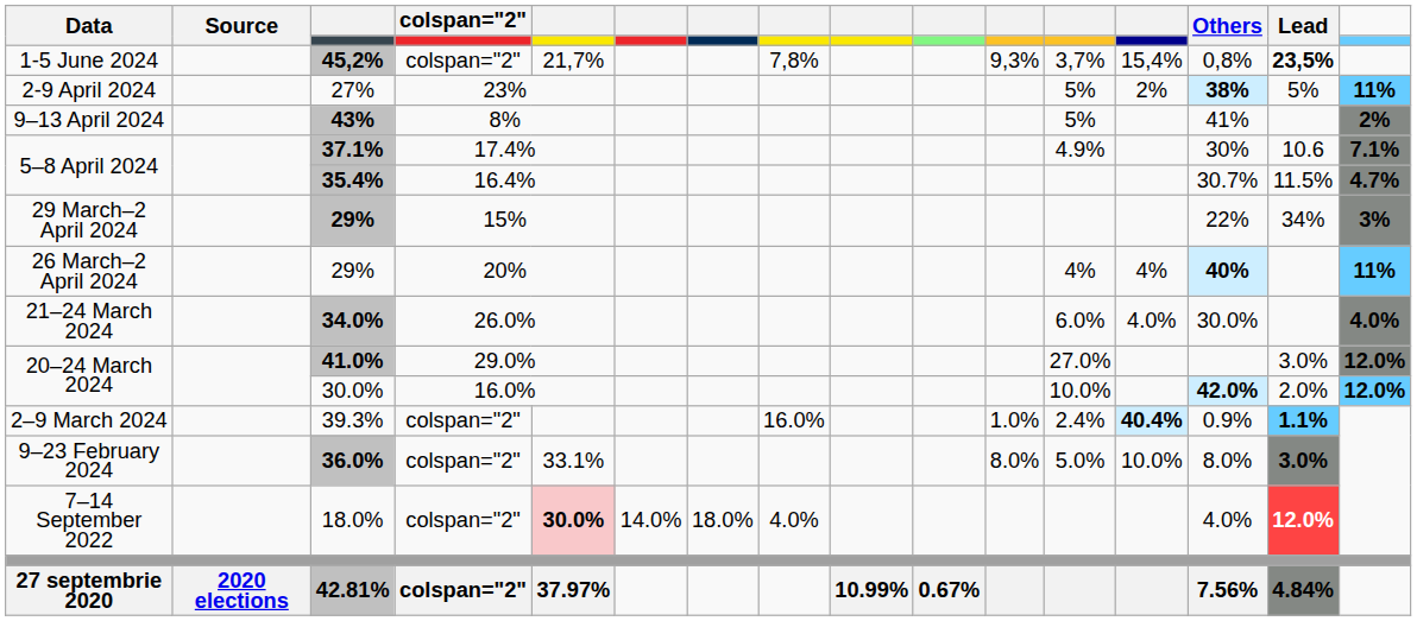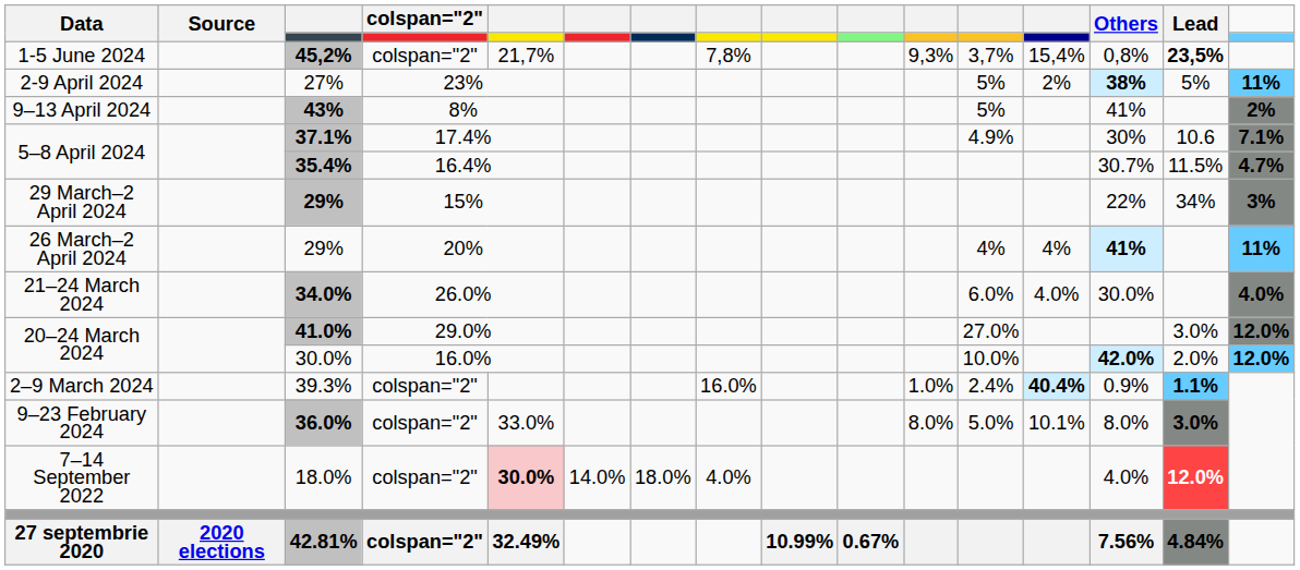 <table class="wikitable" style="text-align:center;font-size:95%;line-height:14px;">
 <tr>
 <th rowspan="2" style="width:110px;">Data</th>
 <th rowspan="2" style="width:90px;">Source</th>
 <th></th>
 <th>colspan="2" </th>
 <th></th>
 <th></th>
 <th></th>
 <th></th>
 <th></th>
 <th></th>
 <th></th>
 <th></th>
 <th></th>
 <th rowspan="2" style="width:35px;"><a href='#'>Others</a></th>
 <th rowspan="2" style="width:25px;">Lead</th>
 </tr>
 <tr>
 <th style="color:inherit;background:#36454F;"></th>
 <th style="color:inherit;background:#ED262B;"></th>
 <th style="color:inherit;background:#FAE800;"></th>
 <th style="color:inherit;background:#ED262B;"></th>
 <th style="color:inherit;background:#002b57;"></th>
 <th style="color:inherit;background:#FAE800;"></th>
 <th style="color:inherit;background:#FAE800;"></th>
 <th style="color:inherit;background:#81F781;"></th>
 <th style="color:inherit;background:#fcc224;"></th>
 <th style="color:inherit;background:#fcc224;"></th>
 <th style="color:inherit;background:darkblue;"></th>
 <th style="color:inherit;background:#66CCFF;"></th>
 </tr>
 <tr>
 <td>1-5 June 2024</td>
 <td></td>
 <td style="background:#C0C0C0;"><strong>45,2%</strong></td>
 <td>colspan="2" </td>
 <td>21,7%</td>
 <td></td>
 <td></td>
 <td>7,8%</td>
 <td></td>
 <td></td>
 <td>9,3%</td>
 <td>3,7%</td>
 <td>15,4%</td>
 <td>0,8%</td>
 <td><strong>23,5%</strong></td>
 </tr>
 <tr>
 <td>2-9 April 2024</td>
 <td></td>
 <td>27%</td>
 <td colspan="2">23%</td>
 <td></td>
 <td></td>
 <td></td>
 <td></td>
 <td></td>
 <td></td>
 <td>5%</td>
 <td>2%</td>
 <td style="background:#cdeeff;"><strong>38%</strong></td>
 <td>5%</td>
 <td style="background:#66CCFF"><strong>11%</strong></td>
 </tr>
 <tr>
 <td>9–13 April 2024</td>
 <td></td>
 <td style="background:#C0C0C0;"><strong>43%</strong></td>
 <td colspan="2">8%</td>
 <td></td>
 <td></td>
 <td></td>
 <td></td>
 <td></td>
 <td></td>
 <td>5%</td>
 <td></td>
 <td>41%</td>
 <td></td>
 <td style="background:#848884"><strong>2%</strong></td>
 </tr>
 <tr>
 <td rowspan=2>5–8 April 2024</td>
 <td rowspan=2></td>
 <td style="background:#C0C0C0;"><strong>37.1%</strong></td>
 <td colspan="2">17.4%</td>
 <td></td>
 <td></td>
 <td></td>
 <td></td>
 <td></td>
 <td></td>
 <td>4.9%</td>
 <td></td>
 <td>30%</td>
 <td>10.6</td>
 <td style="background:#848884"><strong>7.1%</strong></td>
 </tr>
 <tr>
 <td style="background:#C0C0C0;"><strong>35.4%</strong></td>
 <td colspan="2">16.4%</td>
 <td></td>
 <td></td>
 <td></td>
 <td></td>
 <td></td>
 <td></td>
 <td></td>
 <td></td>
 <td>30.7%</td>
 <td>11.5%</td>
 <td style="background:#848884"><strong>4.7%</strong></td>
 </tr>
 <tr>
 <td>29 March–2 April 2024</td>
 <td></td>
 <td style="background:#C0C0C0;"><strong>29%</strong></td>
 <td colspan="2">15%</td>
 <td></td>
 <td></td>
 <td></td>
 <td></td>
 <td></td>
 <td></td>
 <td></td>
 <td></td>
 <td>22%</td>
 <td>34%</td>
 <td style="background:#848884"><strong>3%</strong></td>
 </tr>
 <tr>
 <td>26 March–2 April 2024</td>
 <td></td>
 <td>29%</td>
 <td colspan="2">20%</td>
 <td></td>
 <td></td>
 <td></td>
 <td></td>
 <td></td>
 <td></td>
 <td>4%</td>
 <td>4%</td>
-<td style="background:#cdeeff;"><strong>40%</strong></td>
+<td style="background:#cdeeff;"><strong>41%</strong></td>
 <td></td>
 <td style="background:#66CCFF"><strong>11%</strong></td>
 </tr>
 <tr>
 <td>21–24 March 2024</td>
 <td></td>
 <td style="background:#C0C0C0;"><strong>34.0%</strong></td>
 <td colspan="2">26.0%</td>
 <td></td>
 <td></td>
 <td></td>
 <td></td>
 <td></td>
 <td></td>
 <td>6.0%</td>
 <td>4.0%</td>
 <td>30.0%</td>
 <td></td>
 <td style="background:#848884"><strong>4.0%</strong></td>
 </tr>
 <tr>
 <td rowspan="2">20–24 March 2024</td>
 <td rowspan="2"></td>
 <td style="background:#C0C0C0;"><strong>41.0%</strong></td>
 <td colspan="2">29.0%</td>
 <td></td>
 <td></td>
 <td></td>
 <td></td>
 <td></td>
 <td></td>
 <td>27.0%</td>
 <td></td>
 <td></td>
 <td>3.0%</td>
 <td style="background:#848884"><strong>12.0%</strong></td>
 </tr>
 <tr>
 <td>30.0%</td>
 <td colspan="2">16.0%</td>
 <td></td>
 <td></td>
 <td></td>
 <td></td>
 <td></td>
 <td></td>
 <td>10.0%</td>
 <td></td>
 <td style="background:#cdeeff;"><strong>42.0%</strong></td>
 <td>2.0%</td>
 <td style="background:#66CCFF"><strong>12.0%</strong></td>
 </tr>
 <tr>
 <td>2–9 March 2024</td>
 <td></td>
 <td>39.3%</td>
 <td>colspan="2" </td>
 <td></td>
 <td></td>
 <td></td>
 <td>16.0%</td>
 <td></td>
 <td></td>
 <td>1.0%</td>
 <td>2.4%</td>
 <td style="background:#cdeeff;"><strong>40.4%</strong></td>
 <td>0.9%</td>
 <td style="background:#66CCFF"><strong>1.1%</strong></td>
 </tr>
 <tr>
 <td>9–23 February 2024</td>
 <td></td>
 <td style="background:#C0C0C0;"><strong>36.0%</strong></td>
 <td>colspan="2" </td>
-<td>33.1%</td>
+<td>33.0%</td>
 <td></td>
 <td></td>
 <td></td>
 <td></td>
 <td></td>
 <td>8.0%</td>
 <td>5.0%</td>
-<td>10.0%</td>
+<td>10.1%</td>
 <td>8.0%</td>
 <td style="background:#848884"><strong>3.0%</strong></td>
 </tr>
 <tr>
 <td>7–14 September 2022</td>
 <td></td>
 <td>18.0%</td>
 <td>colspan="2" </td>
 <td style="background:#F9C8CA;"><strong>30.0%</strong></td>
 <td>14.0%</td>
 <td>18.0%</td>
 <td>4.0%</td>
 <td></td>
 <td></td>
 <td></td>
 <td></td>
 <td></td>
 <td>4.0%</td>
 <td style="background:#FE4444; color:white;"><strong>12.0%</strong></td>
 </tr>
 <tr>
 <td colspan="16" style="background:#A0A0A0"></td>
 </tr>
 <tr>
 <th>27 septembrie 2020</th>
 <th><a href='#'>2020 elections</a></th>
 <th style="background:#C0C0C0;"><strong>42.81%</strong></th>
 <th>colspan="2" </th>
-<th>37.97%</th>
+<th>32.49%</th>
 <td></td>
 <td></td>
 <td></td>
 <th>10.99%</th>
 <th>0.67%</th>
 <th></th>
 <th></th>
 <th></th>
 <th>7.56%</th>
 <th style="background:#848884">4.84%</th>
 </tr>
 </table>
